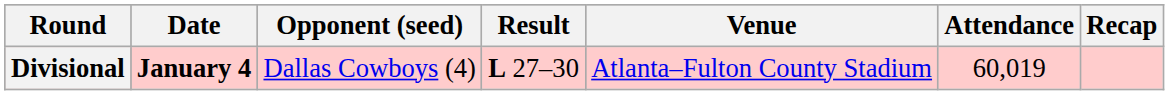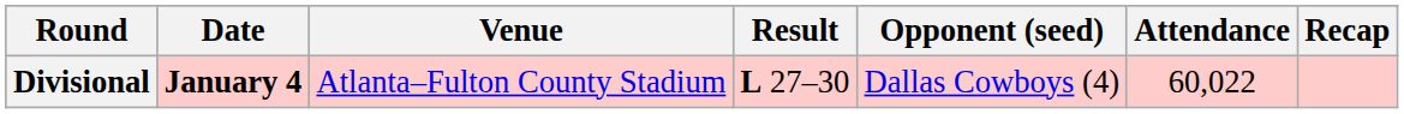 <table class="wikitable" style="text-align:center">
 <tr>
 <th>Round</th>
 <th>Date</th>
+<th>Venue</th>
+<th>Result</th>
 <th>Opponent (seed)</th>
-<th>Result</th>
-<th>Venue</th>
 <th>Attendance</th>
 <th>Recap</th>
 </tr>
 <tr style="background:#fcc">
 <th>Divisional</th>
 <td><strong>January 4</strong></td>
+<td><a href='#'>Atlanta–Fulton County Stadium</a></td>
+<td><strong>L</strong> 27–30</td>
 <td><a href='#'>Dallas Cowboys</a> (4)</td>
-<td><strong>L</strong> 27–30</td>
-<td><a href='#'>Atlanta–Fulton County Stadium</a></td>
-<td>60,019</td>
+<td>60,022</td>
 <td></td>
 </tr>
 </table>
